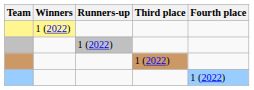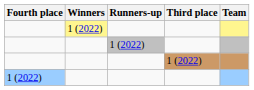 <table class="wikitable sortable">
 <tr>
-<th>Team</th>
+<th>Fourth place</th>
 <th>Winners</th>
 <th>Runners-up</th>
 <th>Third place</th>
-<th>Fourth place</th>
+<th>Team</th>
 </tr>
 <tr>
-<td style="background:#FFF68F"></td>
+<td></td>
 <td style="background:#FFF68F">1 (<a href='#'>2022</a>)</td>
 <td></td>
 <td></td>
-<td></td>
+<td style="background:#FFF68F"></td>
 </tr>
 <tr>
-<td style="background:#C0C0C0"></td>
+<td></td>
 <td></td>
 <td style="background:#C0C0C0">1 (<a href='#'>2022</a>)</td>
 <td></td>
-<td></td>
+<td style="background:#C0C0C0"></td>
 </tr>
 <tr>
-<td style="background:#CC9966"></td>
+<td></td>
 <td></td>
 <td></td>
 <td style="background:#CC9966">1 (<a href='#'>2022</a>)</td>
-<td></td>
+<td style="background:#CC9966"></td>
 </tr>
 <tr>
-<td style="background:#9ACDFF"></td>
+<td style="background:#9ACDFF">1 (<a href='#'>2022</a>)</td>
 <td></td>
 <td></td>
 <td></td>
-<td style="background:#9ACDFF">1 (<a href='#'>2022</a>)</td>
+<td style="background:#9ACDFF"></td>
 </tr>
 </table>
